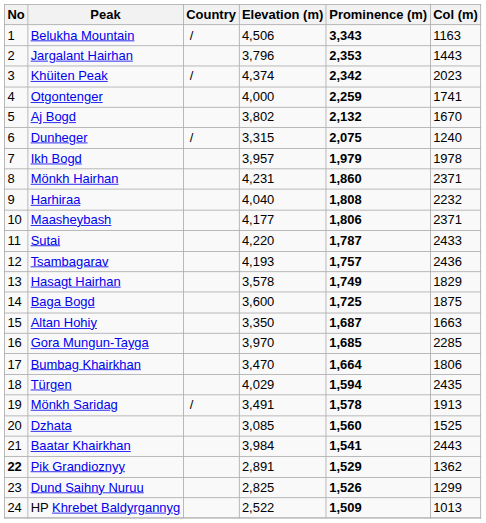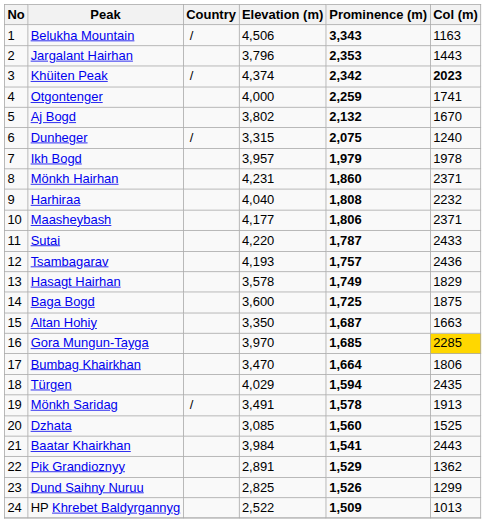 <table class="wikitable sortable">
 <tr>
 <th>No</th>
 <th>Peak</th>
 <th>Country</th>
 <th>Elevation (m)</th>
 <th>Prominence (m)</th>
 <th>Col (m)</th>
 </tr>
 <tr>
 <td>1</td>
 <td><a href='#'>Belukha Mountain</a></td>
 <td> / </td>
 <td>4,506</td>
 <td><strong>3,343</strong></td>
 <td>1163</td>
 </tr>
 <tr>
 <td>2</td>
 <td><a href='#'>Jargalant Hairhan</a></td>
 <td></td>
 <td>3,796</td>
 <td><strong>2,353</strong></td>
 <td>1443</td>
 </tr>
 <tr>
 <td>3</td>
 <td><a href='#'>Khüiten Peak</a></td>
 <td> / </td>
 <td>4,374</td>
 <td><strong>2,342</strong></td>
-<td>2023</td>
+<td><strong>2023</strong></td>
 </tr>
 <tr>
 <td>4</td>
 <td><a href='#'>Otgontenger</a></td>
 <td></td>
 <td>4,000</td>
 <td><strong>2,259</strong></td>
 <td>1741</td>
 </tr>
 <tr>
 <td>5</td>
 <td><a href='#'>Aj Bogd</a></td>
 <td></td>
 <td>3,802</td>
 <td><strong>2,132</strong></td>
 <td>1670</td>
 </tr>
 <tr>
 <td>6</td>
 <td><a href='#'>Dunheger</a></td>
 <td> / </td>
 <td>3,315</td>
 <td><strong>2,075</strong></td>
 <td>1240</td>
 </tr>
 <tr>
 <td>7</td>
 <td><a href='#'>Ikh Bogd</a></td>
 <td></td>
 <td>3,957</td>
 <td><strong>1,979</strong></td>
 <td>1978</td>
 </tr>
 <tr>
 <td>8</td>
 <td><a href='#'>Mönkh Hairhan</a></td>
 <td></td>
 <td>4,231</td>
 <td><strong>1,860</strong></td>
 <td>2371</td>
 </tr>
 <tr>
 <td>9</td>
 <td><a href='#'>Harhiraa</a></td>
 <td></td>
 <td>4,040</td>
 <td><strong>1,808</strong></td>
 <td>2232</td>
 </tr>
 <tr>
 <td>10</td>
 <td><a href='#'>Maasheybash</a></td>
 <td></td>
 <td>4,177</td>
 <td><strong>1,806</strong></td>
 <td>2371</td>
 </tr>
 <tr>
 <td>11</td>
 <td><a href='#'>Sutai</a></td>
 <td></td>
 <td>4,220</td>
 <td><strong>1,787</strong></td>
 <td>2433</td>
 </tr>
 <tr>
 <td>12</td>
 <td><a href='#'>Tsambagarav</a></td>
 <td></td>
 <td>4,193</td>
 <td><strong>1,757</strong></td>
 <td>2436</td>
 </tr>
 <tr>
 <td>13</td>
 <td><a href='#'>Hasagt Hairhan</a></td>
 <td></td>
 <td>3,578</td>
 <td><strong>1,749</strong></td>
 <td>1829</td>
 </tr>
 <tr>
 <td>14</td>
 <td><a href='#'>Baga Bogd</a></td>
 <td></td>
 <td>3,600</td>
 <td><strong>1,725</strong></td>
 <td>1875</td>
 </tr>
 <tr>
 <td>15</td>
 <td><a href='#'>Altan Hohiy</a></td>
 <td></td>
 <td>3,350</td>
 <td><strong>1,687</strong></td>
 <td>1663</td>
 </tr>
 <tr>
 <td>16</td>
 <td><a href='#'>Gora Mungun-Tayga</a></td>
 <td></td>
 <td>3,970</td>
 <td><strong>1,685</strong></td>
-<td>2285</td>
+<td style="background: gold;">2285</td>
 </tr>
 <tr>
 <td>17</td>
 <td><a href='#'>Bumbag Khairkhan</a></td>
 <td></td>
 <td>3,470</td>
 <td><strong>1,664</strong></td>
 <td>1806</td>
 </tr>
 <tr>
 <td>18</td>
 <td><a href='#'>Türgen</a></td>
 <td></td>
 <td>4,029</td>
 <td><strong>1,594</strong></td>
 <td>2435</td>
 </tr>
 <tr>
 <td>19</td>
 <td><a href='#'>Mönkh Saridag</a></td>
 <td> / </td>
 <td>3,491</td>
 <td><strong>1,578</strong></td>
 <td>1913</td>
 </tr>
 <tr>
 <td>20</td>
 <td><a href='#'>Dzhata</a></td>
 <td></td>
 <td>3,085</td>
 <td><strong>1,560</strong></td>
 <td>1525</td>
 </tr>
 <tr>
 <td>21</td>
 <td><a href='#'>Baatar Khairkhan</a></td>
 <td></td>
 <td>3,984</td>
 <td><strong>1,541</strong></td>
 <td>2443</td>
 </tr>
 <tr>
-<td><strong>22</strong></td>
+<td>22</td>
 <td><a href='#'>Pik Grandioznyy</a></td>
 <td></td>
 <td>2,891</td>
 <td><strong>1,529</strong></td>
 <td>1362</td>
 </tr>
 <tr>
 <td>23</td>
 <td><a href='#'>Dund Saihny Nuruu</a></td>
 <td></td>
 <td>2,825</td>
 <td><strong>1,526</strong></td>
 <td>1299</td>
 </tr>
 <tr>
 <td>24</td>
 <td>HP <a href='#'>Khrebet Baldyrgannyg</a></td>
 <td></td>
 <td>2,522</td>
 <td><strong>1,509</strong></td>
 <td>1013</td>
 </tr>
 <tr>
 </tr>
 </table>
